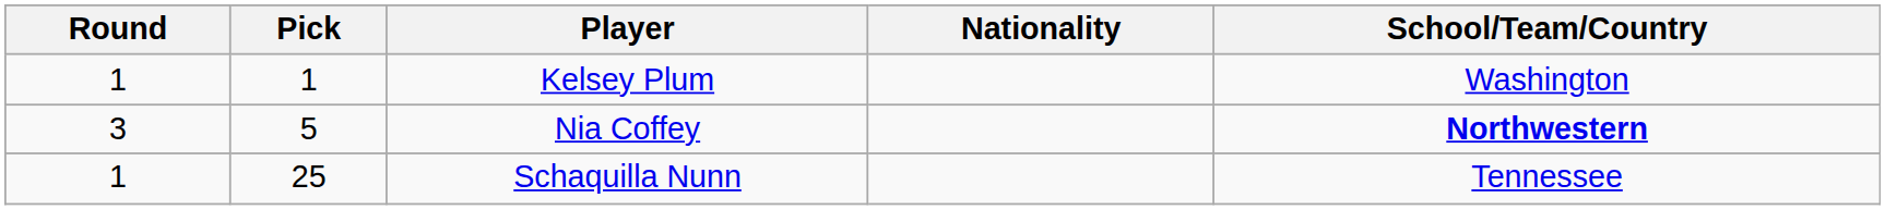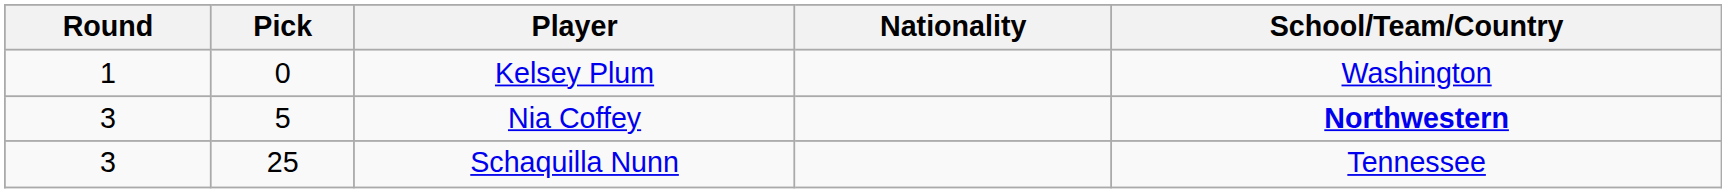 <table class="wikitable" style="text-align:center; width:60em">
 <tr>
 <th>Round</th>
 <th>Pick</th>
 <th>Player</th>
 <th>Nationality</th>
 <th>School/Team/Country</th>
 </tr>
 <tr>
 <td>1</td>
-<td>1</td>
+<td>0</td>
 <td><a href='#'>Kelsey Plum</a></td>
 <td></td>
 <td><a href='#'>Washington</a></td>
 </tr>
 <tr>
 <td>3</td>
 <td>5</td>
 <td><a href='#'>Nia Coffey</a></td>
 <td></td>
 <td><strong><a href='#'>Northwestern</a></strong></td>
 </tr>
 <tr>
-<td>1</td>
+<td>3</td>
 <td>25</td>
 <td><a href='#'>Schaquilla Nunn</a></td>
 <td></td>
 <td><a href='#'>Tennessee</a></td>
 </tr>
 </table>
